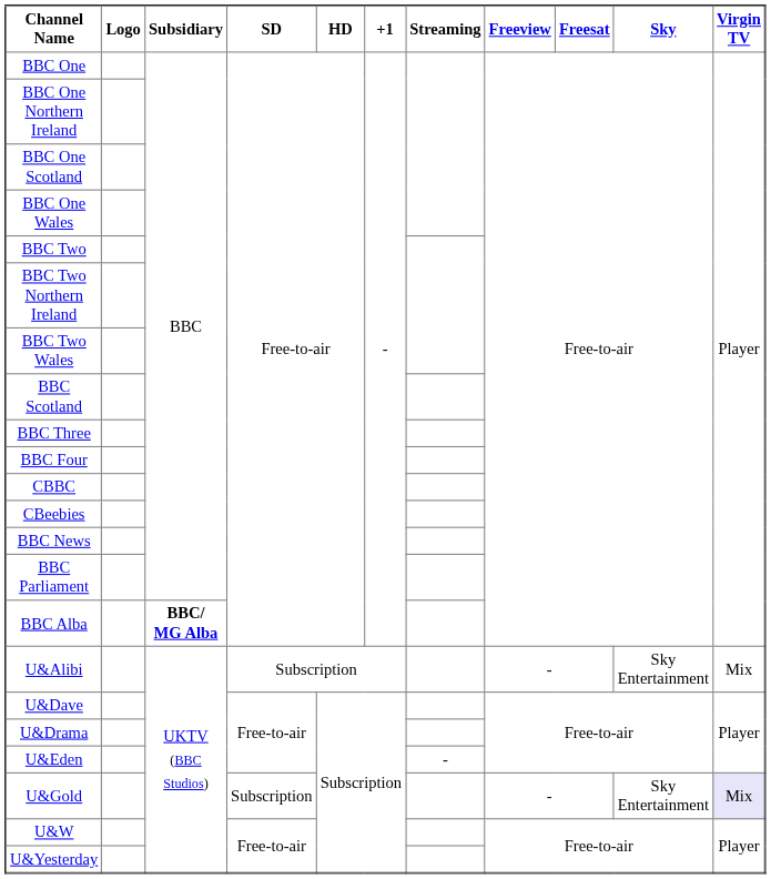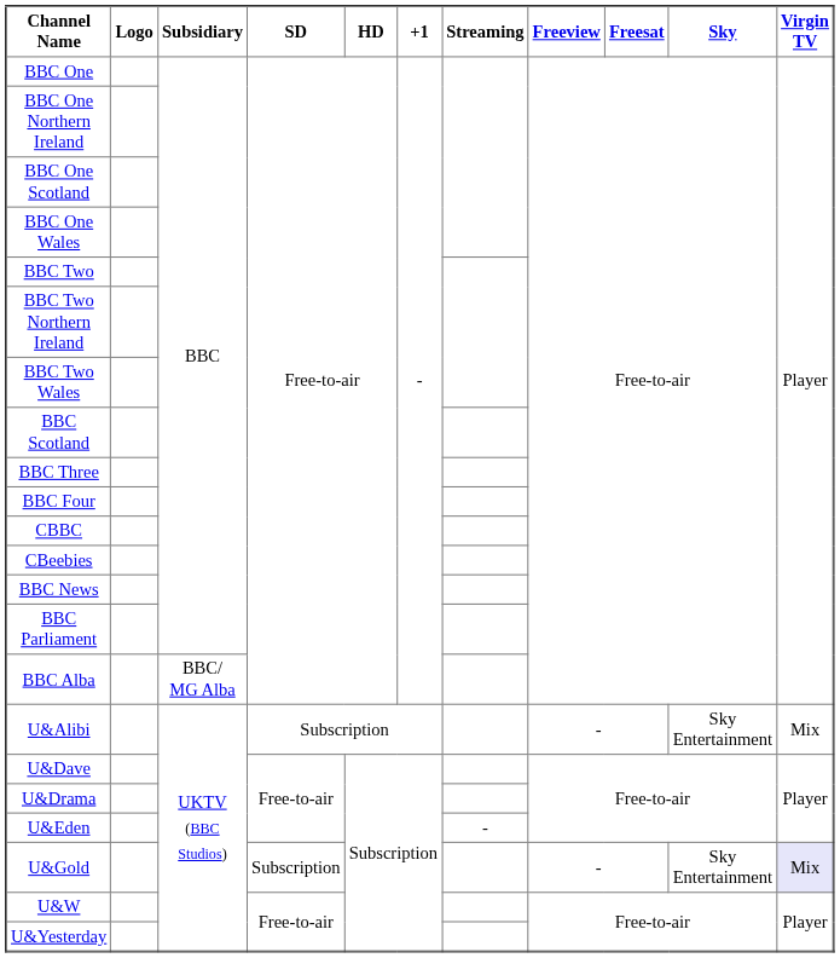 <table class="toccolours" border="2" cellpadding="3" style="border-collapse:collapse; font-size:90%; text-align:center; width:100%;">
 <tr>
 <th style="width:12%;">Channel Name</th>
 <th>Logo</th>
 <th style="width:12%;">Subsidiary</th>
 <th style="width:8%;">SD</th>
 <th style="width:8%;">HD</th>
 <th style="width:8%;">+1</th>
 <th style="width:12%;">Streaming</th>
 <th style="width:10%;"><a href='#'>Freeview</a></th>
 <th style="width:10%;"><a href='#'>Freesat</a></th>
 <th style="width:10%;"><a href='#'>Sky</a></th>
 <th style="width:10%;"><a href='#'>Virgin TV</a></th>
 </tr>
 <tr>
 <td><a href='#'>BBC One</a> </td>
 <td></td>
 <td rowspan="14">BBC</td>
 <td colspan="2" rowspan="15">Free-to-air</td>
 <td rowspan="15">-</td>
 <td rowspan="4"></td>
 <td colspan="3" rowspan="15">Free-to-air</td>
 <td rowspan="15">Player</td>
 </tr>
 <tr>
 <td><a href='#'>BBC One Northern Ireland</a></td>
 <td></td>
 </tr>
 <tr>
 <td><a href='#'>BBC One Scotland</a></td>
 <td></td>
 </tr>
 <tr>
 <td><a href='#'>BBC One Wales</a></td>
 <td></td>
 </tr>
 <tr>
 <td><a href='#'>BBC Two</a></td>
 <td></td>
 <td rowspan="3"></td>
 </tr>
 <tr>
 <td><a href='#'>BBC Two Northern Ireland</a></td>
 <td></td>
 </tr>
 <tr>
 <td><a href='#'>BBC Two Wales</a></td>
 <td></td>
 </tr>
 <tr>
 <td><a href='#'>BBC Scotland</a></td>
 <td></td>
 <td></td>
 </tr>
 <tr>
 <td><a href='#'>BBC Three</a></td>
 <td></td>
 <td></td>
 </tr>
 <tr>
 <td><a href='#'>BBC Four</a></td>
 <td></td>
 <td></td>
 </tr>
 <tr>
 <td><a href='#'>CBBC</a></td>
 <td></td>
 <td></td>
 </tr>
 <tr>
 <td><a href='#'>CBeebies</a></td>
 <td></td>
 <td></td>
 </tr>
 <tr>
 <td><a href='#'>BBC News</a></td>
 <td></td>
 <td></td>
 </tr>
 <tr>
 <td><a href='#'>BBC Parliament</a></td>
 <td></td>
 <td></td>
 </tr>
 <tr>
 <td><a href='#'>BBC Alba</a> </td>
 <td></td>
-<td><strong>BBC/<br><a href='#'>MG Alba</a></strong></td>
+<td>BBC/<br><a href='#'>MG Alba</a></td>
 <td></td>
 </tr>
 <tr>
 <td><a href='#'>U&Alibi</a></td>
 <td></td>
 <td rowspan="7"><a href='#'>UKTV</a><br><sub>(<a href='#'>BBC Studios</a>)</sub></td>
 <td colspan="3">Subscription</td>
 <td></td>
 <td colspan="2">-</td>
 <td>Sky Entertainment</td>
 <td>Mix</td>
 </tr>
 <tr>
 <td><a href='#'>U&Dave</a></td>
 <td></td>
 <td rowspan="3">Free-to-air</td>
 <td colspan="2" rowspan="6">Subscription</td>
 <td></td>
 <td colspan="3" rowspan="3">Free-to-air</td>
 <td rowspan="3">Player</td>
 </tr>
 <tr>
 <td><a href='#'>U&Drama</a></td>
 <td></td>
 <td></td>
 </tr>
 <tr>
 <td><a href='#'>U&Eden</a></td>
 <td></td>
 <td>-</td>
 </tr>
 <tr>
 <td><a href='#'>U&Gold</a></td>
 <td></td>
 <td>Subscription</td>
 <td></td>
 <td colspan="2">-</td>
 <td>Sky Entertainment</td>
 <td style="background: lavender;">Mix</td>
 </tr>
 <tr>
 <td><a href='#'>U&W</a></td>
 <td></td>
 <td rowspan="2">Free-to-air</td>
 <td></td>
 <td colspan="3" rowspan="2">Free-to-air</td>
 <td rowspan="2">Player</td>
 </tr>
 <tr>
 <td><a href='#'>U&Yesterday</a></td>
 <td></td>
 <td></td>
 </tr>
 </table>
